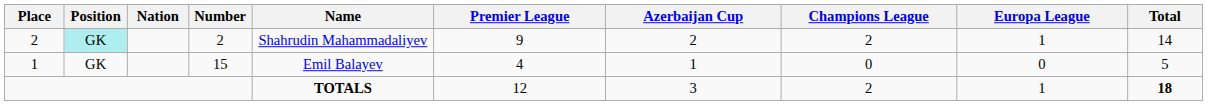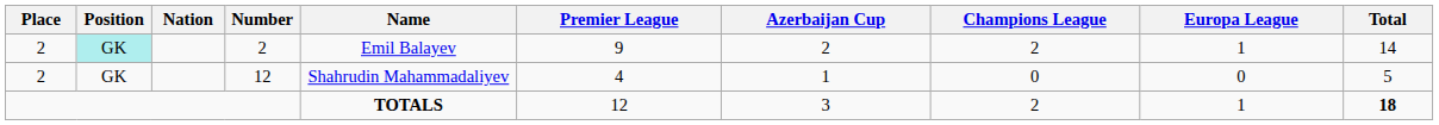 <table class="wikitable" style="font-size: 95%; text-align: center;">
 <tr>
 <th width=60>Place</th>
 <th width=60>Position</th>
 <th width=60>Nation</th>
 <th width=60>Number</th>
 <th width=200>Name</th>
 <th width=200><a href='#'>Premier League</a></th>
 <th width=200><a href='#'>Azerbaijan Cup</a></th>
 <th width=200><a href='#'>Champions League</a></th>
 <th width=200><a href='#'>Europa League</a></th>
 <th width=80>Total</th>
 </tr>
 <tr>
 <td>2</td>
 <td style="background: paleturquoise;">GK</td>
 <td></td>
 <td>2</td>
-<td><a href='#'>Shahrudin Mahammadaliyev</a></td>
+<td><a href='#'>Emil Balayev</a></td>
 <td>9</td>
 <td>2</td>
 <td>2</td>
 <td>1</td>
 <td>14</td>
 </tr>
 <tr>
-<td>1</td>
+<td>2</td>
 <td>GK</td>
 <td></td>
-<td>15</td>
-<td><a href='#'>Emil Balayev</a></td>
+<td>12</td>
+<td><a href='#'>Shahrudin Mahammadaliyev</a></td>
 <td>4</td>
 <td>1</td>
 <td>0</td>
 <td>0</td>
 <td>5</td>
 </tr>
 <tr>
 <td colspan="4"></td>
 <td><strong>TOTALS</strong></td>
 <td>12</td>
 <td>3</td>
 <td>2</td>
 <td>1</td>
 <td><strong>18</strong></td>
 </tr>
 </table>
